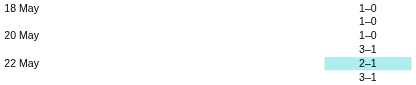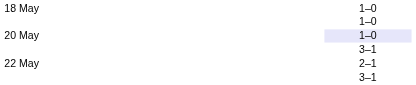 <table cellspacing=1 width=70%>
 <tr>
 <th width=25%></th>
 <th width=30%></th>
 <th width=15%></th>
 <th width=30%></th>
 </tr>
 <tr>
 <td>18 May</td>
 <td align=right></td>
 <td align=center>1–0</td>
 <td></td>
 </tr>
 <tr>
 <td></td>
 <td align=right></td>
 <td align=center>1–0</td>
 <td></td>
 </tr>
 <tr>
 <td>20 May</td>
 <td align=right></td>
-<td align=center>1–0</td>
+<td align=center style="background: lavender;">1–0</td>
 <td></td>
 </tr>
 <tr>
 <td></td>
 <td align=right></td>
 <td align=center>3–1</td>
 <td></td>
 </tr>
 <tr>
 <td>22 May</td>
 <td align=right></td>
-<td align=center style="background: paleturquoise;">2–1</td>
+<td align=center>2–1</td>
 <td></td>
 </tr>
 <tr>
 <td></td>
 <td align=right></td>
 <td align=center>3–1</td>
 <td></td>
 </tr>
 </table>
